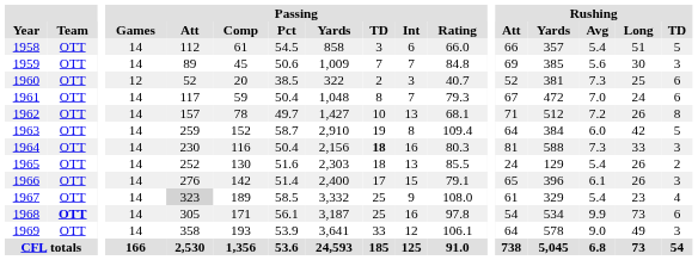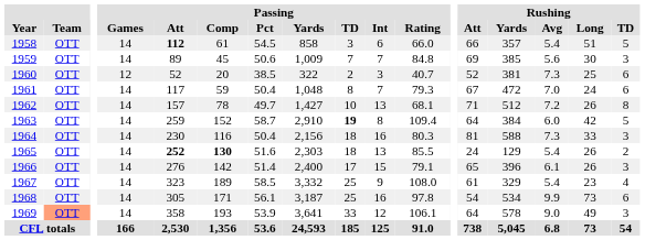 <table BORDER="0" CELLPADDING="1" CELLSPACING="0" width="65%" style="text-align:center">
 <tr bgcolor="#e0e0e0">
 <th colspan="2"></th>
 <th rowspan="99" bgcolor="#ffffff"> </th>
 <th colspan="8">Passing</th>
 <th rowspan="99" bgcolor="#ffffff"> </th>
 <th colspan="7">Rushing</th>
 </tr>
 <tr bgcolor="#e0e0e0">
 <th>Year</th>
 <th>Team</th>
 <th>Games</th>
 <th>Att</th>
 <th>Comp</th>
 <th>Pct</th>
 <th>Yards</th>
 <th>TD</th>
 <th>Int</th>
 <th>Rating</th>
 <th>Att</th>
 <th>Yards</th>
 <th>Avg</th>
 <th>Long</th>
 <th>TD</th>
 </tr>
 <tr ALIGN="center" bgcolor="#f0f0f0">
 <td><a href='#'>1958</a></td>
 <td><a href='#'>OTT</a></td>
 <td>14</td>
-<td>112</td>
+<td><strong>112</strong></td>
 <td>61</td>
 <td>54.5</td>
 <td>858</td>
 <td>3</td>
 <td>6</td>
 <td>66.0</td>
 <td>66</td>
 <td>357</td>
 <td>5.4</td>
 <td>51</td>
 <td>5</td>
 </tr>
 <tr ALIGN="center">
 <td><a href='#'>1959</a></td>
 <td><a href='#'>OTT</a></td>
 <td>14</td>
 <td>89</td>
 <td>45</td>
 <td>50.6</td>
 <td>1,009</td>
 <td>7</td>
 <td>7</td>
 <td>84.8</td>
 <td>69</td>
 <td>385</td>
 <td>5.6</td>
 <td>30</td>
 <td>3</td>
 </tr>
 <tr ALIGN="center" bgcolor="#f0f0f0">
 <td><a href='#'>1960</a></td>
 <td><a href='#'>OTT</a></td>
 <td>12</td>
 <td>52</td>
 <td>20</td>
 <td>38.5</td>
 <td>322</td>
 <td>2</td>
 <td>3</td>
 <td>40.7</td>
 <td>52</td>
 <td>381</td>
 <td>7.3</td>
 <td>25</td>
 <td>6</td>
 </tr>
 <tr ALIGN="center">
 <td><a href='#'>1961</a></td>
 <td><a href='#'>OTT</a></td>
 <td>14</td>
 <td>117</td>
 <td>59</td>
 <td>50.4</td>
 <td>1,048</td>
 <td>8</td>
 <td>7</td>
 <td>79.3</td>
 <td>67</td>
 <td>472</td>
 <td>7.0</td>
 <td>24</td>
 <td>6</td>
 </tr>
 <tr ALIGN="center" bgcolor="#f0f0f0">
 <td><a href='#'>1962</a></td>
 <td><a href='#'>OTT</a></td>
 <td>14</td>
 <td>157</td>
 <td>78</td>
 <td>49.7</td>
 <td>1,427</td>
 <td>10</td>
 <td>13</td>
 <td>68.1</td>
 <td>71</td>
 <td>512</td>
 <td>7.2</td>
 <td>26</td>
 <td>8</td>
 </tr>
 <tr ALIGN="center">
 <td><a href='#'>1963</a></td>
 <td><a href='#'>OTT</a></td>
 <td>14</td>
 <td>259</td>
 <td>152</td>
 <td>58.7</td>
 <td>2,910</td>
-<td>19</td>
+<td><strong>19</strong></td>
 <td>8</td>
 <td>109.4</td>
 <td>64</td>
 <td>384</td>
 <td>6.0</td>
 <td>42</td>
 <td>5</td>
 </tr>
 <tr ALIGN="center" bgcolor="#f0f0f0">
 <td><a href='#'>1964</a></td>
 <td><a href='#'>OTT</a></td>
 <td>14</td>
 <td>230</td>
 <td>116</td>
 <td>50.4</td>
 <td>2,156</td>
-<td><strong>18</strong></td>
+<td>18</td>
 <td>16</td>
 <td>80.3</td>
 <td>81</td>
 <td>588</td>
 <td>7.3</td>
 <td>33</td>
 <td>3</td>
 </tr>
 <tr ALIGN="center">
 <td><a href='#'>1965</a></td>
 <td><a href='#'>OTT</a></td>
 <td>14</td>
-<td>252</td>
-<td>130</td>
+<td><strong>252</strong></td>
+<td><strong>130</strong></td>
 <td>51.6</td>
 <td>2,303</td>
 <td>18</td>
 <td>13</td>
 <td>85.5</td>
 <td>24</td>
 <td>129</td>
 <td>5.4</td>
 <td>26</td>
 <td>2</td>
 </tr>
 <tr ALIGN="center" bgcolor="#f0f0f0">
 <td><a href='#'>1966</a></td>
 <td><a href='#'>OTT</a></td>
 <td>14</td>
 <td>276</td>
 <td>142</td>
 <td>51.4</td>
 <td>2,400</td>
 <td>17</td>
 <td>15</td>
 <td>79.1</td>
 <td>65</td>
 <td>396</td>
 <td>6.1</td>
 <td>26</td>
 <td>3</td>
 </tr>
 <tr ALIGN="center">
 <td><a href='#'>1967</a></td>
 <td><a href='#'>OTT</a></td>
 <td>14</td>
-<td style="background: lightgrey;">323</td>
+<td>323</td>
 <td>189</td>
 <td>58.5</td>
 <td>3,332</td>
 <td>25</td>
 <td>9</td>
 <td>108.0</td>
 <td>61</td>
 <td>329</td>
 <td>5.4</td>
 <td>23</td>
 <td>4</td>
 </tr>
 <tr ALIGN="center" bgcolor="#f0f0f0">
 <td><a href='#'>1968</a></td>
-<td><strong><a href='#'>OTT</a></strong></td>
+<td><a href='#'>OTT</a></td>
 <td>14</td>
 <td>305</td>
 <td>171</td>
 <td>56.1</td>
 <td>3,187</td>
 <td>25</td>
 <td>16</td>
 <td>97.8</td>
 <td>54</td>
 <td>534</td>
 <td>9.9</td>
 <td>73</td>
 <td>6</td>
 </tr>
 <tr ALIGN="center">
 <td><a href='#'>1969</a></td>
-<td><a href='#'>OTT</a></td>
+<td style="background: lightsalmon;"><a href='#'>OTT</a></td>
 <td>14</td>
 <td>358</td>
 <td>193</td>
 <td>53.9</td>
 <td>3,641</td>
 <td>33</td>
 <td>12</td>
 <td>106.1</td>
 <td>64</td>
 <td>578</td>
 <td>9.0</td>
 <td>49</td>
 <td>3</td>
 </tr>
 <tr bgcolor="#e0e0e0">
 <th colspan="2"><a href='#'>CFL</a> totals</th>
 <th>166</th>
 <th>2,530</th>
 <th>1,356</th>
 <th>53.6</th>
 <th>24,593</th>
 <th>185</th>
 <th>125</th>
 <th>91.0</th>
 <th>738</th>
 <th>5,045</th>
 <th>6.8</th>
 <th>73</th>
 <th>54</th>
 </tr>
 </table>
